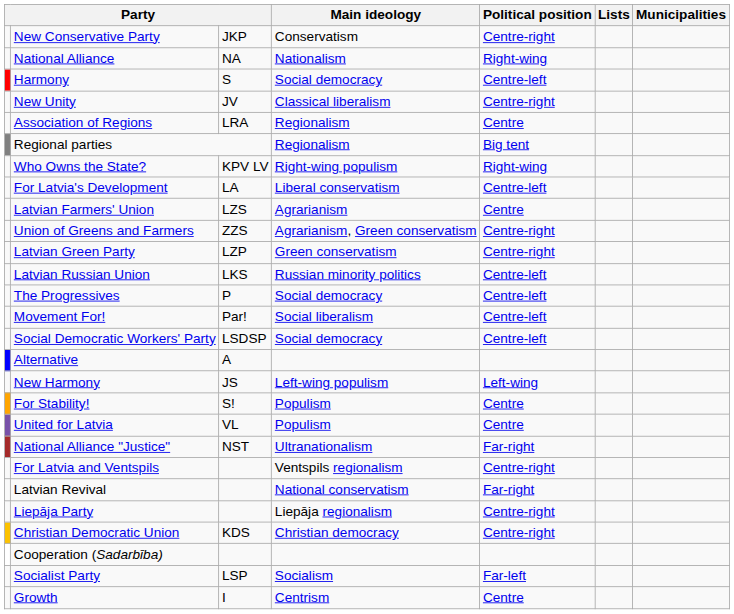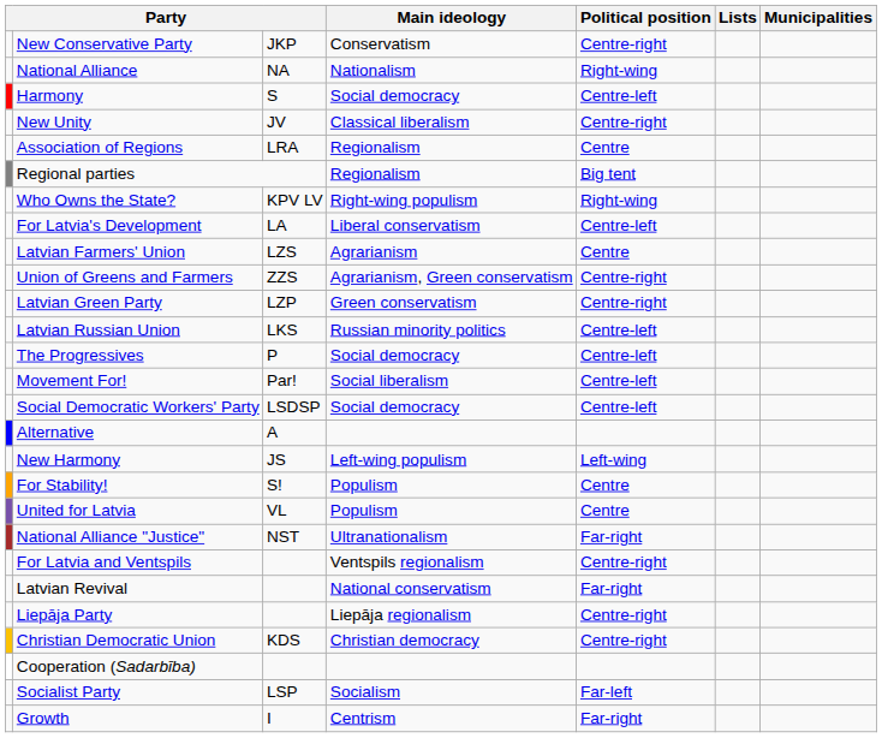 <table class=wikitable style=text-align:left>
 <tr>
 <th colspan="3">Party</th>
 <th>Main ideology</th>
 <th>Political position</th>
 <th>Lists</th>
 <th>Municipalities</th>
 </tr>
 <tr>
 <td style="background:"></td>
 <td><a href='#'>New Conservative Party</a></td>
 <td>JKP</td>
 <td>Conservatism</td>
 <td><a href='#'>Centre-right</a></td>
 <td></td>
 <td></td>
 </tr>
 <tr>
 <td style="background:"></td>
 <td><a href='#'>National Alliance</a></td>
 <td>NA</td>
 <td><a href='#'>Nationalism</a></td>
 <td><a href='#'>Right-wing</a></td>
 <td></td>
 <td></td>
 </tr>
 <tr>
 <td style="background:red"></td>
 <td><a href='#'>Harmony</a></td>
 <td>S</td>
 <td><a href='#'>Social democracy</a></td>
 <td><a href='#'>Centre-left</a></td>
 <td></td>
 <td></td>
 </tr>
 <tr>
 <td style="background:"></td>
 <td><a href='#'>New Unity</a></td>
 <td>JV</td>
 <td><a href='#'>Classical liberalism</a></td>
 <td><a href='#'>Centre-right</a></td>
 <td></td>
 <td></td>
 </tr>
 <tr>
 <td style="background:"></td>
 <td><a href='#'>Association of Regions</a></td>
 <td>LRA</td>
 <td><a href='#'>Regionalism</a></td>
 <td><a href='#'>Centre</a></td>
 <td></td>
 <td></td>
 </tr>
 <tr>
 <td style="background:gray"></td>
 <td colspan="2">Regional parties</td>
 <td><a href='#'>Regionalism</a></td>
 <td><a href='#'>Big tent</a></td>
 <td></td>
 <td></td>
 </tr>
 <tr>
 <td style="background:"></td>
 <td><a href='#'>Who Owns the State?</a></td>
 <td>KPV LV</td>
 <td><a href='#'>Right-wing populism</a></td>
 <td><a href='#'>Right-wing</a></td>
 <td></td>
 <td></td>
 </tr>
 <tr>
 <td style="background:"></td>
 <td><a href='#'>For Latvia's Development</a></td>
 <td>LA</td>
 <td><a href='#'>Liberal conservatism</a></td>
 <td><a href='#'>Centre-left</a></td>
 <td></td>
 <td></td>
 </tr>
 <tr>
 <td style="background:"></td>
 <td><a href='#'>Latvian Farmers' Union</a></td>
 <td>LZS</td>
 <td><a href='#'>Agrarianism</a></td>
 <td><a href='#'>Centre</a></td>
 <td></td>
 <td></td>
 </tr>
 <tr>
 <td style="background:"></td>
 <td><a href='#'>Union of Greens and Farmers</a></td>
 <td>ZZS</td>
 <td><a href='#'>Agrarianism</a>, <a href='#'>Green conservatism</a></td>
 <td><a href='#'>Centre-right</a></td>
 <td></td>
 <td></td>
 </tr>
 <tr>
 <td style="background:"></td>
 <td><a href='#'>Latvian Green Party</a></td>
 <td>LZP</td>
 <td><a href='#'>Green conservatism</a></td>
 <td><a href='#'>Centre-right</a></td>
 <td></td>
 <td></td>
 </tr>
 <tr>
 <td style="background:"></td>
 <td><a href='#'>Latvian Russian Union</a></td>
 <td>LKS</td>
 <td><a href='#'>Russian minority politics</a></td>
 <td><a href='#'>Centre-left</a></td>
 <td></td>
 <td></td>
 </tr>
 <tr>
 <td style="background:"></td>
 <td><a href='#'>The Progressives</a></td>
 <td>P</td>
 <td><a href='#'>Social democracy</a></td>
 <td><a href='#'>Centre-left</a></td>
 <td></td>
 <td></td>
 </tr>
 <tr>
 <td style="background:"></td>
 <td><a href='#'>Movement For!</a></td>
 <td>Par!</td>
 <td><a href='#'>Social liberalism</a></td>
 <td><a href='#'>Centre-left</a></td>
 <td></td>
 <td></td>
 </tr>
 <tr>
 <td style="background:"></td>
 <td><a href='#'>Social Democratic Workers' Party</a></td>
 <td>LSDSP</td>
 <td><a href='#'>Social democracy</a></td>
 <td><a href='#'>Centre-left</a></td>
 <td></td>
 <td></td>
 </tr>
 <tr>
 <td style="background:blue"></td>
 <td><a href='#'>Alternative</a></td>
 <td>A</td>
 <td></td>
 <td></td>
 <td></td>
 <td></td>
 </tr>
 <tr>
 <td style="background:"></td>
 <td><a href='#'>New Harmony</a></td>
 <td>JS</td>
 <td><a href='#'>Left-wing populism</a></td>
 <td><a href='#'>Left-wing</a></td>
 <td></td>
 <td></td>
 </tr>
 <tr>
 <td style="background:orange"></td>
 <td><a href='#'>For Stability!</a></td>
 <td>S!</td>
 <td><a href='#'>Populism</a></td>
 <td><a href='#'>Centre</a></td>
 <td></td>
 <td></td>
 </tr>
 <tr>
 <td style="background:#7851A9"></td>
 <td><a href='#'>United for Latvia</a></td>
 <td>VL</td>
 <td><a href='#'>Populism</a></td>
 <td><a href='#'>Centre</a></td>
 <td></td>
 <td></td>
 </tr>
 <tr>
 <td style="background:brown"></td>
 <td><a href='#'>National Alliance "Justice"</a></td>
 <td>NST</td>
 <td><a href='#'>Ultranationalism</a></td>
 <td><a href='#'>Far-right</a></td>
 <td></td>
 <td></td>
 </tr>
 <tr>
 <td style="background:"></td>
 <td><a href='#'>For Latvia and Ventspils</a></td>
 <td></td>
 <td>Ventspils <a href='#'>regionalism</a></td>
 <td><a href='#'>Centre-right</a></td>
 <td></td>
 <td></td>
 </tr>
 <tr>
 <td style="background:"></td>
 <td>Latvian Revival</td>
 <td></td>
 <td><a href='#'>National conservatism</a></td>
 <td><a href='#'>Far-right</a></td>
 <td></td>
 <td></td>
 </tr>
 <tr>
 <td style="background:"></td>
 <td><a href='#'>Liepāja Party</a></td>
 <td></td>
 <td>Liepāja <a href='#'>regionalism</a></td>
 <td><a href='#'>Centre-right</a></td>
 <td></td>
 <td></td>
 </tr>
 <tr>
 <td style="background:#FCC200"></td>
 <td><a href='#'>Christian Democratic Union</a></td>
 <td>KDS</td>
 <td><a href='#'>Christian democracy</a></td>
 <td><a href='#'>Centre-right</a></td>
 <td></td>
 <td></td>
 </tr>
 <tr>
 <td style="background:white"></td>
 <td>Cooperation (<em>Sadarbība)</em></td>
 <td></td>
 <td></td>
 <td></td>
 <td></td>
 <td></td>
 </tr>
 <tr>
 <td style="background:"></td>
 <td><a href='#'>Socialist Party</a></td>
 <td>LSP</td>
 <td><a href='#'>Socialism</a></td>
 <td><a href='#'>Far-left</a></td>
 <td></td>
 <td></td>
 </tr>
 <tr>
 <td style="background:"></td>
 <td><a href='#'>Growth</a></td>
 <td>I</td>
 <td><a href='#'>Centrism</a></td>
-<td><a href='#'>Centre</a></td>
+<td><a href='#'>Far-right</a></td>
 <td></td>
 <td></td>
 </tr>
 </table>
